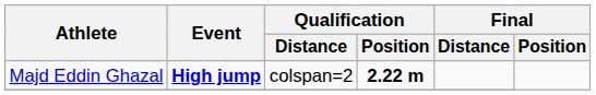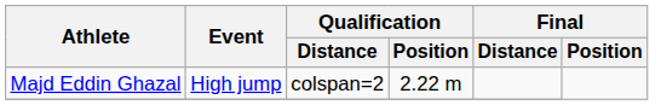 <table class=wikitable style=font-size:90%;text-align:center>
 <tr>
 <th rowspan=2>Athlete</th>
 <th rowspan=2>Event</th>
 <th colspan=2>Qualification</th>
 <th colspan=2>Final</th>
 </tr>
 <tr style=font-size:95%>
 <th>Distance</th>
 <th>Position</th>
 <th>Distance</th>
 <th>Position</th>
 </tr>
 <tr>
 <td align=left><a href='#'>Majd Eddin Ghazal</a></td>
-<td align=left><strong><a href='#'>High jump</a></strong></td>
+<td align=left><a href='#'>High jump</a></td>
 <td>colspan=2 </td>
-<td><strong>2.22 m</strong></td>
+<td>2.22 m</td>
 <td></td>
 </tr>
 <tr>
 </tr>
 </table>
